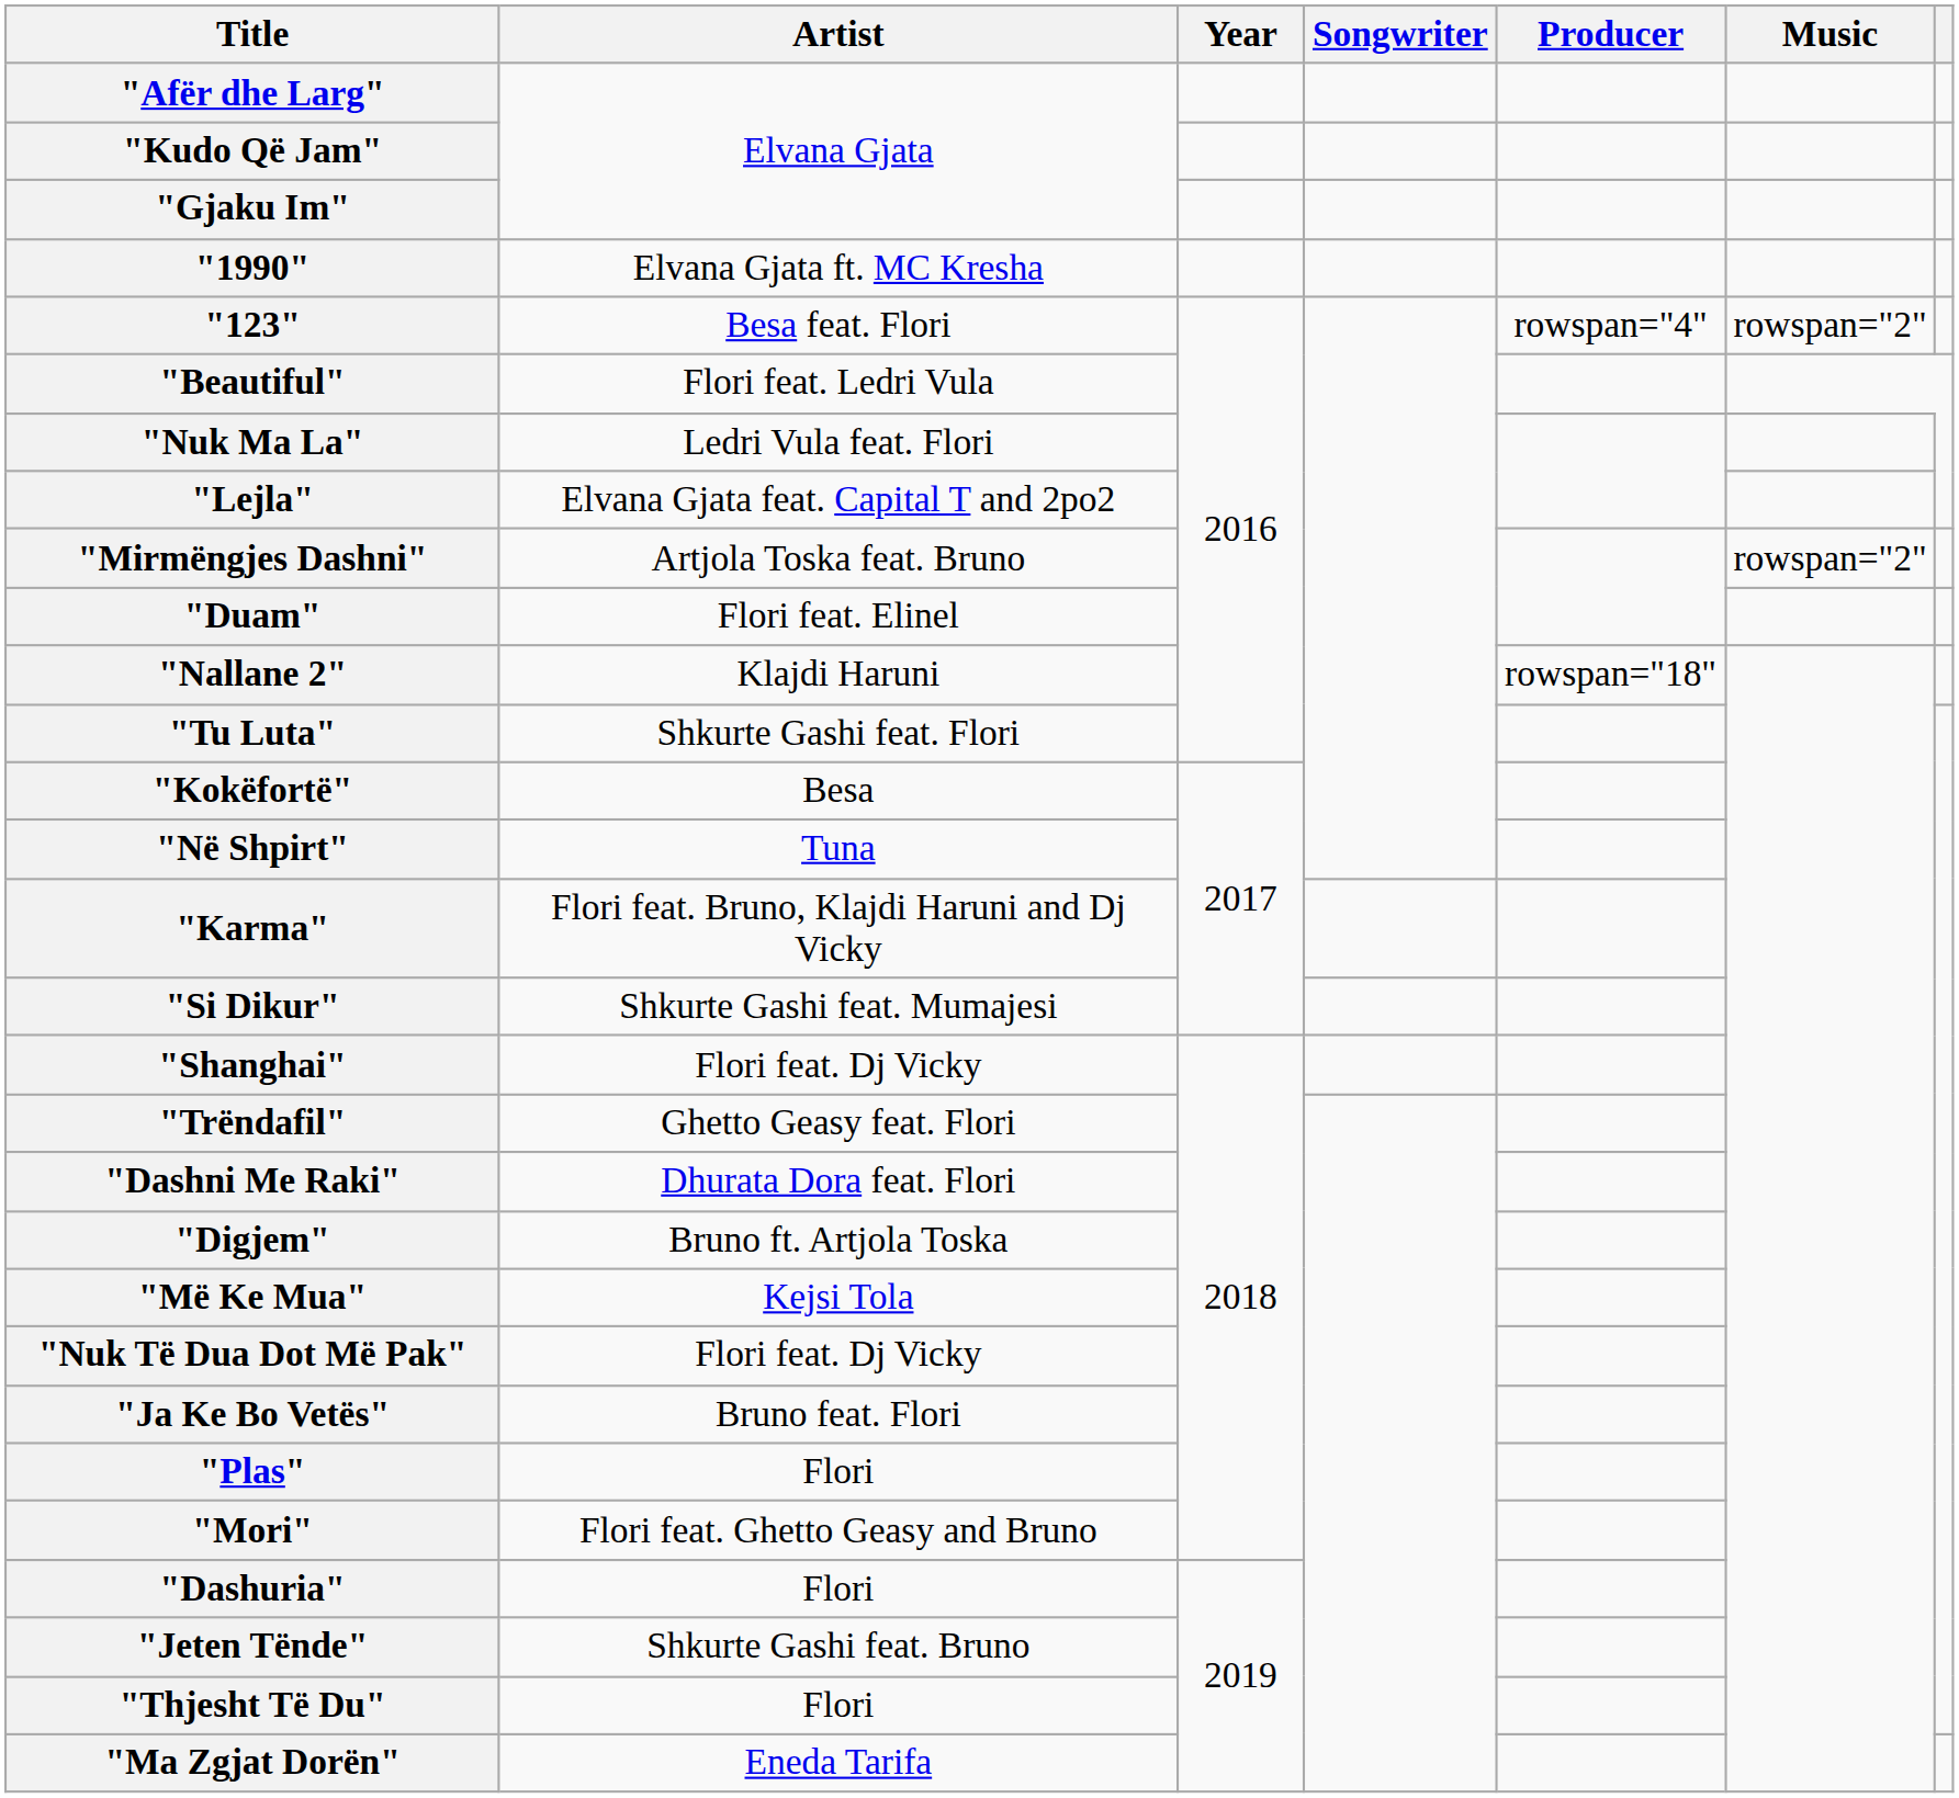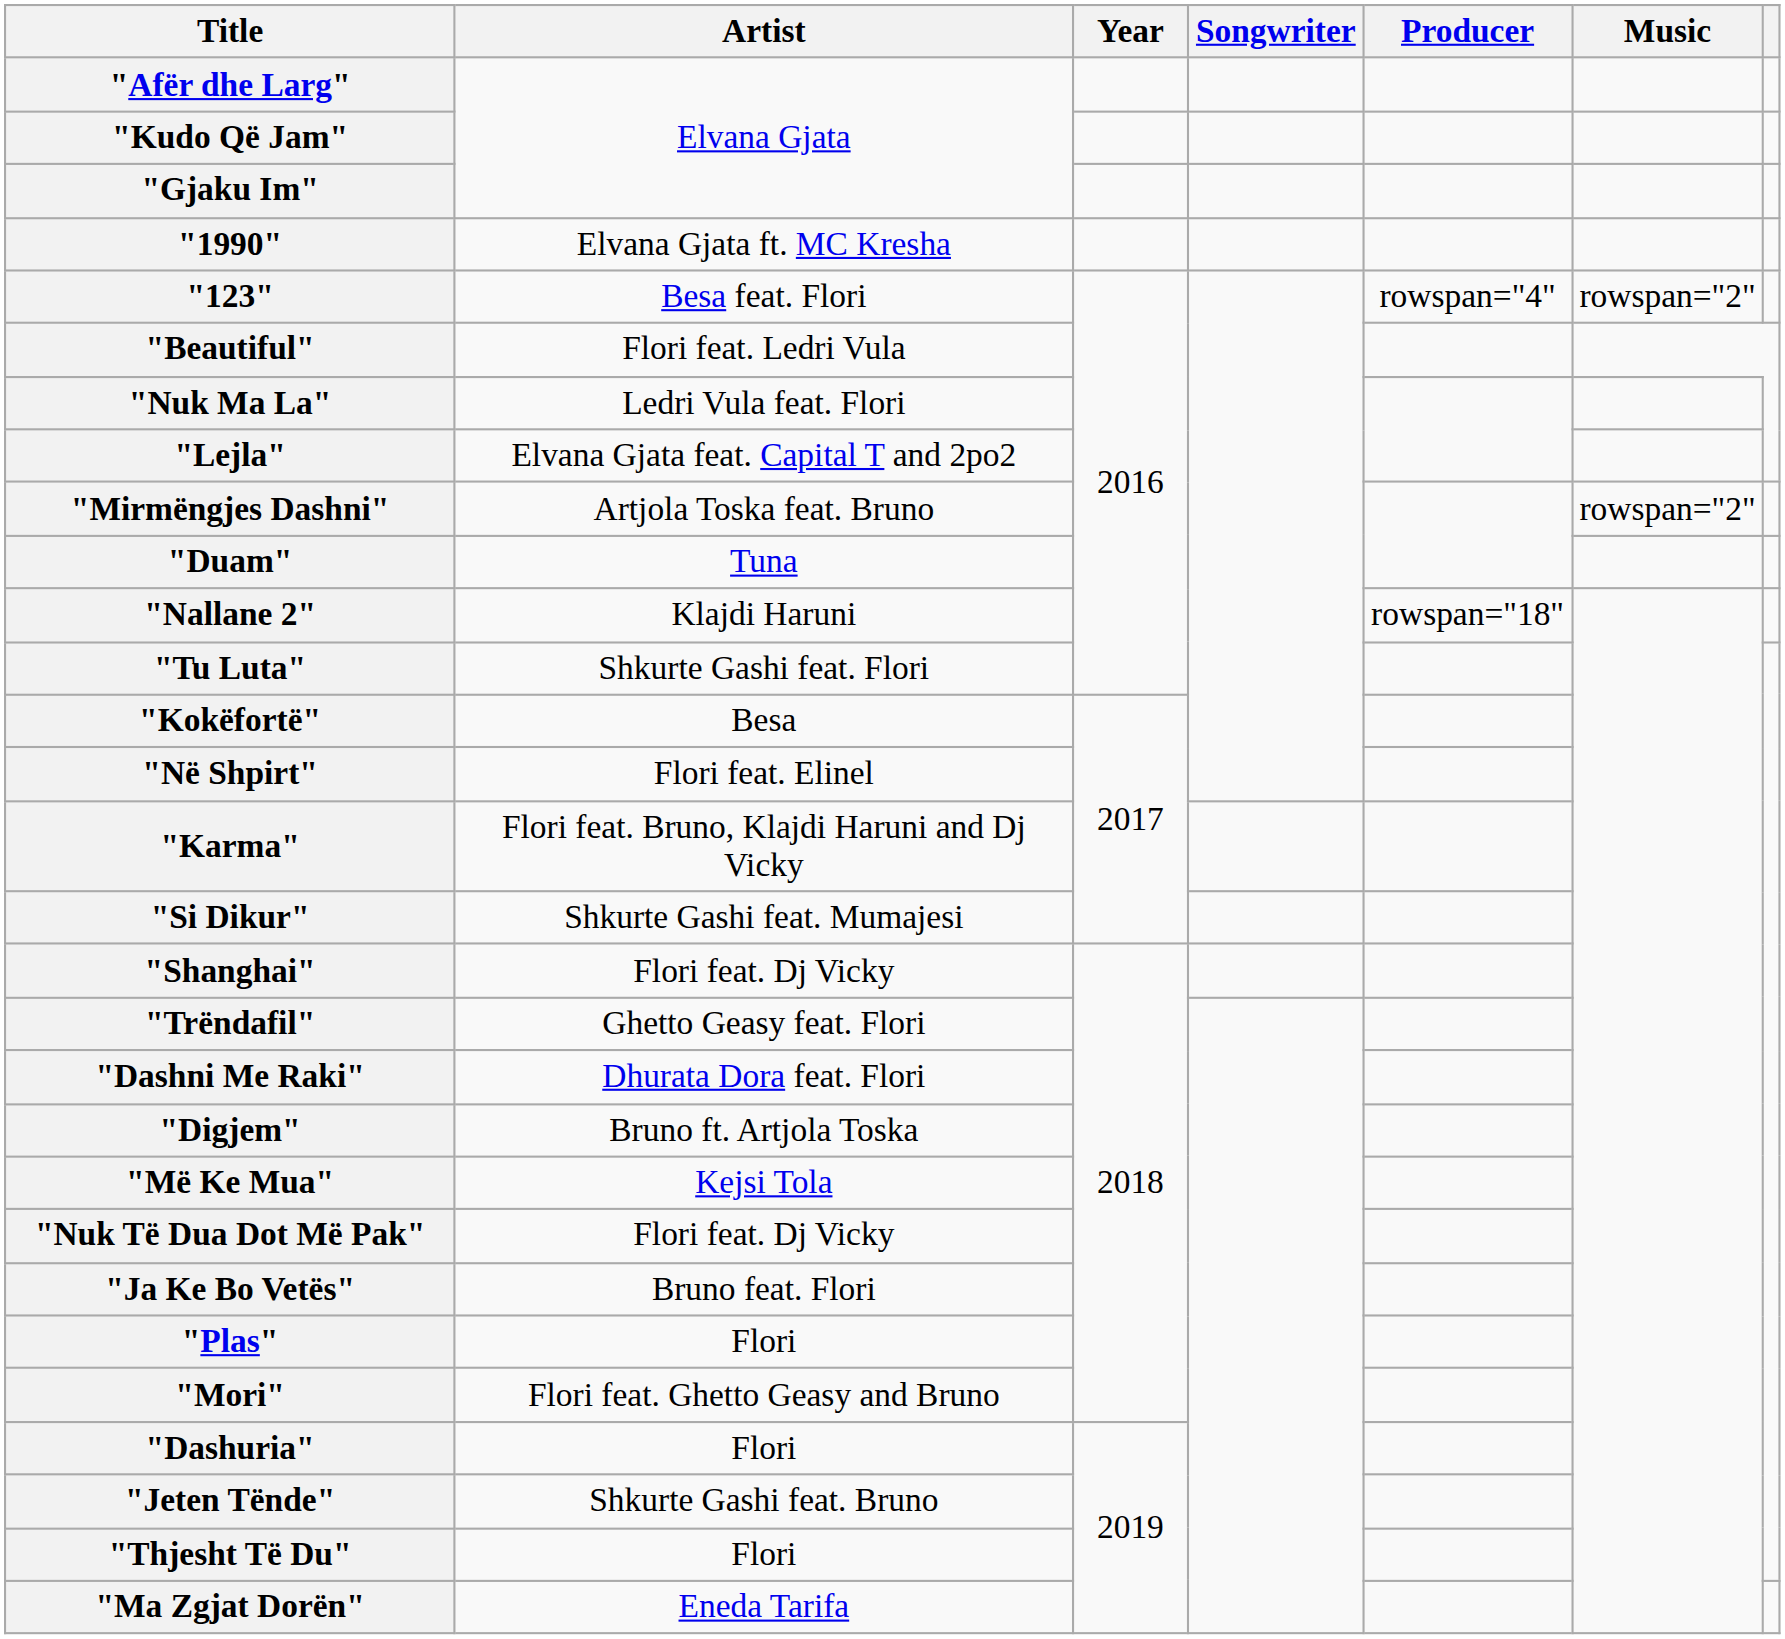 <table class="wikitable plainrowheaders" style="text-align:center;">
 <tr>
 <th scope="col" style="width:13em;">Title</th>
 <th scope="col" style="width:18em;">Artist</th>
 <th scope="col" style="width:3em;">Year</th>
 <th scope="col"><a href='#'>Songwriter</a></th>
 <th scope="col"><a href='#'>Producer</a></th>
 <th scope="col">Music</th>
 <th scope="col"></th>
 </tr>
 <tr>
 <th scope="row">"<a href='#'>Afër dhe Larg</a>"</th>
 <td rowspan="3"><a href='#'>Elvana Gjata</a></td>
 <td></td>
 <td align="center"></td>
 <td align="center"></td>
 <td></td>
 <td></td>
 </tr>
 <tr>
 <th scope="row">"Kudo Që Jam"</th>
 <td></td>
 <td align="center"></td>
 <td align="center"></td>
 <td align="center"></td>
 <td></td>
 </tr>
 <tr>
 <th scope="row">"Gjaku Im"</th>
 <td></td>
 <td align="center"></td>
 <td align="center"></td>
 <td align="center"></td>
 <td></td>
 </tr>
 <tr>
 <th scope="row">"1990"</th>
 <td>Elvana Gjata ft. <a href='#'>MC Kresha</a></td>
 <td></td>
 <td align="center"></td>
 <td align="center"></td>
 <td align="center"></td>
 <td></td>
 </tr>
 <tr>
 <th scope="row">"123"</th>
 <td><a href='#'>Besa</a> feat. Flori</td>
 <td rowspan="8">2016</td>
 <td rowspan="10"></td>
 <td>rowspan="4" </td>
 <td>rowspan="2" </td>
 <td></td>
 </tr>
 <tr>
 <th scope="row">"Beautiful"</th>
 <td>Flori feat. Ledri Vula</td>
 <td></td>
 </tr>
 <tr>
 <th scope="row">"Nuk Ma La"</th>
 <td>Ledri Vula feat. Flori</td>
 <td rowspan="2"></td>
 <td></td>
 </tr>
 <tr>
 <th scope="row">"Lejla"</th>
 <td>Elvana Gjata feat. <a href='#'>Capital T</a> and 2po2</td>
 <td></td>
 </tr>
 <tr>
 <th scope="row">"Mirmëngjes Dashni"</th>
 <td>Artjola Toska feat. Bruno</td>
 <td rowspan="2"></td>
 <td>rowspan="2" </td>
 <td></td>
 </tr>
 <tr>
 <th scope="row">"Duam"</th>
-<td>Flori feat. Elinel</td>
+<td><a href='#'>Tuna</a></td>
 <td></td>
 </tr>
 <tr>
 <th scope="row">"Nallane 2"</th>
 <td>Klajdi Haruni</td>
 <td>rowspan="18" </td>
 <td rowspan="19"></td>
 <td></td>
 </tr>
 <tr>
 <th scope="row">"Tu Luta"</th>
 <td>Shkurte Gashi feat. Flori</td>
 <td></td>
 </tr>
 <tr>
 <th scope="row">"Kokëfortë"</th>
 <td>Besa</td>
 <td rowspan="4">2017</td>
 <td></td>
 </tr>
 <tr>
 <th scope="row">"Në Shpirt"</th>
-<td><a href='#'>Tuna</a></td>
+<td>Flori feat. Elinel</td>
 <td></td>
 </tr>
 <tr>
 <th scope="row">"Karma"</th>
 <td>Flori feat. Bruno, Klajdi Haruni and Dj Vicky</td>
 <td></td>
 <td></td>
 </tr>
 <tr>
 <th scope="row">"Si Dikur"</th>
 <td>Shkurte Gashi feat. Mumajesi</td>
 <td align="center"></td>
 <td></td>
 </tr>
 <tr>
 <th scope="row">"Shanghai"</th>
 <td>Flori feat. Dj Vicky</td>
 <td rowspan="9">2018</td>
 <td></td>
 <td></td>
 </tr>
 <tr>
 <th scope="row">"Trëndafil"</th>
 <td>Ghetto Geasy feat. Flori</td>
 <td rowspan="12"></td>
 <td></td>
 </tr>
 <tr>
 <th scope="row">"Dashni Me Raki"</th>
 <td><a href='#'>Dhurata Dora</a> feat. Flori</td>
 <td></td>
 </tr>
 <tr>
 <th scope="row">"Digjem"</th>
 <td>Bruno ft. Artjola Toska</td>
 <td></td>
 </tr>
 <tr>
 <th scope="row">"Më Ke Mua"</th>
 <td><a href='#'>Kejsi Tola</a></td>
 <td></td>
 </tr>
 <tr>
 <th scope="row">"Nuk Të Dua Dot Më Pak"</th>
 <td>Flori feat. Dj Vicky</td>
 <td></td>
 </tr>
 <tr>
 <th scope="row">"Ja Ke Bo Vetës"</th>
 <td>Bruno feat. Flori</td>
 <td></td>
 </tr>
 <tr>
 <th scope="row">"<a href='#'>Plas</a>"</th>
 <td>Flori</td>
 <td></td>
 </tr>
 <tr>
 <th scope="row">"Mori"</th>
 <td>Flori feat. Ghetto Geasy and Bruno</td>
 <td></td>
 </tr>
 <tr>
 <th scope="row">"Dashuria"</th>
 <td>Flori</td>
 <td rowspan="4">2019</td>
 <td></td>
 </tr>
 <tr>
 <th scope="row">"Jeten Tënde"</th>
 <td>Shkurte Gashi feat. Bruno</td>
 <td></td>
 </tr>
 <tr>
 <th scope="row">"Thjesht Të Du"</th>
 <td>Flori</td>
 <td></td>
 </tr>
 <tr>
 <th scope="row">"Ma Zgjat Dorën"</th>
 <td><a href='#'>Eneda Tarifa</a></td>
 <td align="center"></td>
 <td></td>
 </tr>
 </table>
